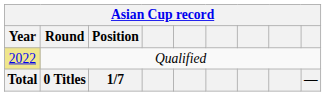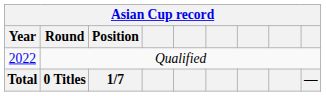 <table class="wikitable" style="text-align: center;">
 <tr>
 <th colspan=9><a href='#'>Asian Cup record</a></th>
 </tr>
 <tr>
 <th>Year</th>
 <th>Round</th>
 <th>Position</th>
 <th width=30></th>
 <th width=30></th>
 <th width=30></th>
 <th width=30></th>
 <th width=30></th>
 <th></th>
 </tr>
 <tr>
-<td style="background: khaki;"> <a href='#'>2022</a></td>
+<td> <a href='#'>2022</a></td>
 <td rowspan=1  colspan=9><em>Qualified</em></td>
 </tr>
 <tr>
 <th>Total</th>
 <th>0 Titles</th>
 <th>1/7</th>
 <th></th>
 <th></th>
 <th></th>
 <th></th>
 <th></th>
 <th>—</th>
 </tr>
 </table>
